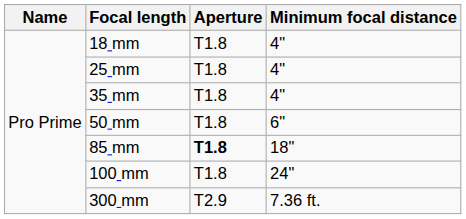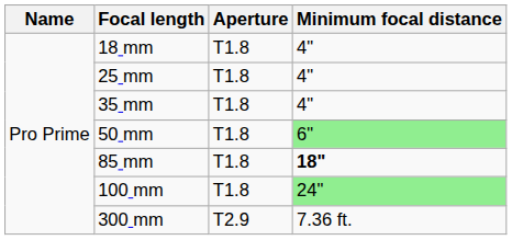 <table class="wikitable">
 <tr>
 <th>Name</th>
 <th>Focal length</th>
 <th>Aperture</th>
 <th>Minimum focal distance</th>
 </tr>
 <tr>
 <td rowspan="7">Pro Prime</td>
 <td>18<a href='#'> </a>mm</td>
 <td>T1.8</td>
 <td>4"</td>
 </tr>
 <tr>
 <td>25<a href='#'> </a>mm</td>
 <td>T1.8</td>
 <td>4"</td>
 </tr>
 <tr>
 <td>35<a href='#'> </a>mm</td>
 <td>T1.8</td>
 <td>4"</td>
 </tr>
 <tr>
 <td>50<a href='#'> </a>mm</td>
 <td>T1.8</td>
-<td>6"</td>
+<td style="background: lightgreen;">6"</td>
 </tr>
 <tr>
 <td>85<a href='#'> </a>mm</td>
-<td><strong>T1.8</strong></td>
-<td>18"</td>
+<td>T1.8</td>
+<td><strong>18"</strong></td>
 </tr>
 <tr>
 <td>100<a href='#'> </a>mm</td>
 <td>T1.8</td>
-<td>24"</td>
+<td style="background: lightgreen;">24"</td>
 </tr>
 <tr>
 <td>300<a href='#'> </a>mm</td>
 <td>T2.9</td>
 <td>7.36 ft.</td>
 </tr>
 </table>
